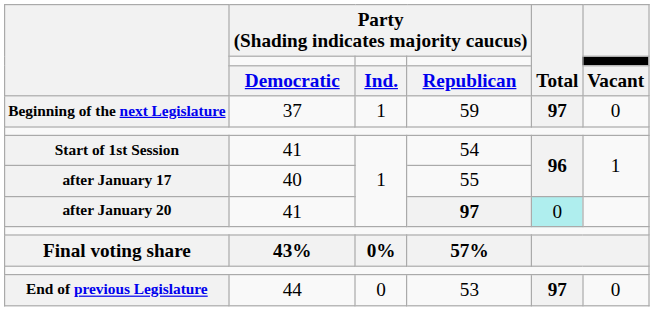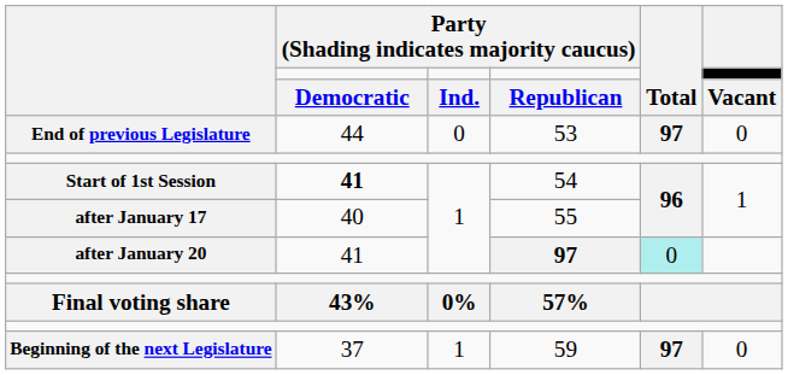 <table class=wikitable style="text-align:center">
 <tr style="vertical-align:bottom;">
 <th rowspan=3></th>
 <th colspan=3>Party <div>(Shading indicates majority caucus)</div></th>
 <th rowspan=3>Total</th>
 <th></th>
 </tr>
 <tr style="height:5px">
 <td style="background-color:"></td>
 <td style="background-color:"></td>
 <td style="background-color:"></td>
 <td style="background:black;"></td>
 </tr>
 <tr>
 <th><a href='#'>Democratic</a></th>
 <th><a href='#'>Ind.</a></th>
 <th><a href='#'>Republican</a></th>
 <th>Vacant</th>
 </tr>
 <tr>
-<th style="font-size:80%;">Beginning of the <a href='#'>next Legislature</a></th>
-<td>37</td>
-<td>1</td>
-<td>59</td>
+<th style="font-size:80%;">End of <a href='#'>previous Legislature</a></th>
+<td>44</td>
+<td>0</td>
+<td>53</td>
 <th>97</th>
 <td>0</td>
 </tr>
 <tr>
 <td colspan=6></td>
 </tr>
 <tr>
 <th style="font-size:80%;">Start of 1st Session</th>
-<td>41</td>
+<td><strong>41</strong></td>
 <td rowspan="3">1</td>
 <td>54</td>
 <th rowspan="2">96</th>
 <td rowspan="2">1</td>
 </tr>
 <tr>
 <th style="font-size:80%;">after January 17</th>
 <td>40</td>
 <td>55</td>
 </tr>
 <tr>
 <th style="font-size:80%;">after January 20</th>
 <td>41</td>
 <th>97</th>
 <td style="background: paleturquoise;">0</td>
 </tr>
 <tr>
 <td colspan=6></td>
 </tr>
 <tr>
 <th>Final voting share</th>
 <th>43%</th>
 <th>0%</th>
 <th>57%</th>
 <th colspan=2></th>
 </tr>
 <tr>
 <td colspan=6></td>
 </tr>
 <tr>
-<th style="font-size:80%;">End of <a href='#'>previous Legislature</a></th>
-<td>44</td>
-<td>0</td>
-<td>53</td>
+<th style="font-size:80%;">Beginning of the <a href='#'>next Legislature</a></th>
+<td>37</td>
+<td>1</td>
+<td>59</td>
 <th>97</th>
 <td>0</td>
 </tr>
 </table>
